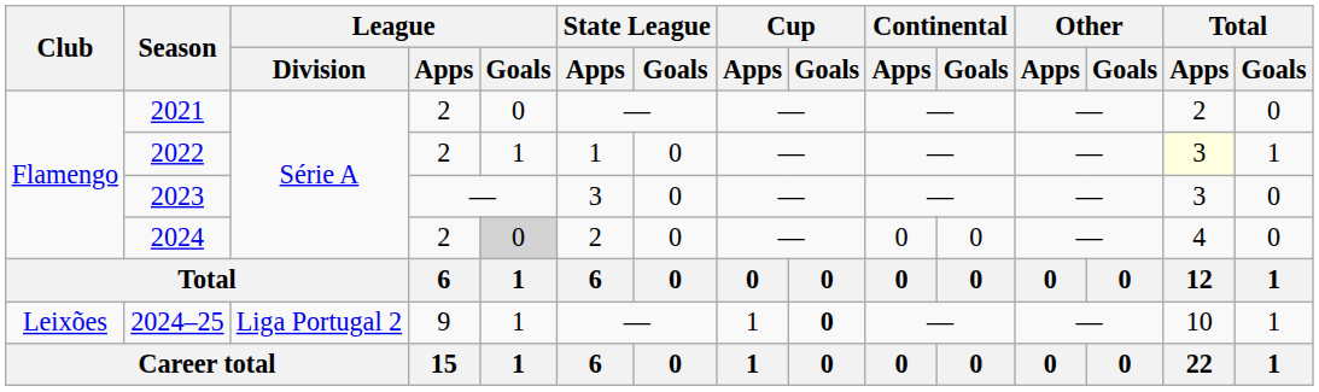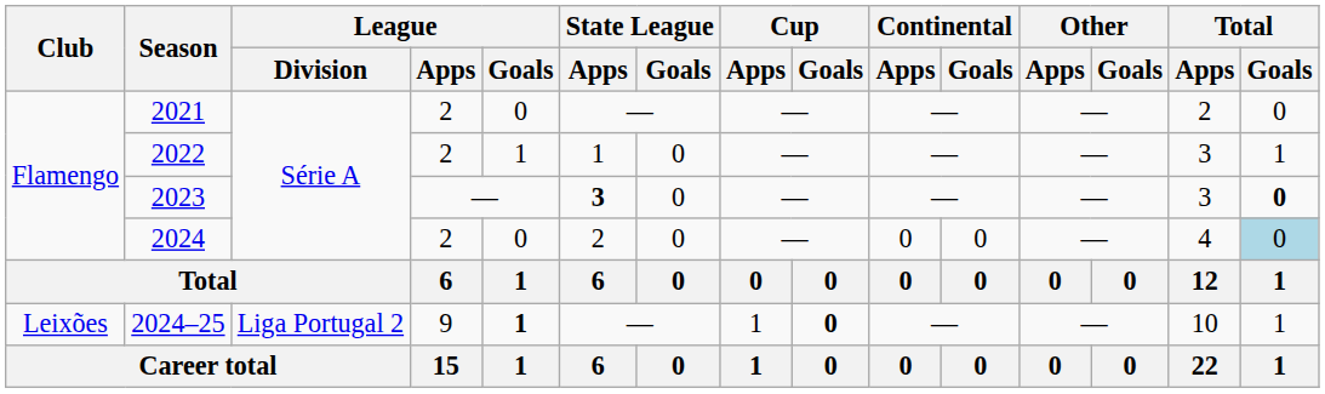 <table class="wikitable" style="text-align: center">
 <tr>
 <th rowspan="2">Club</th>
 <th rowspan="2">Season</th>
 <th colspan="3">League</th>
 <th colspan="2">State League</th>
 <th colspan="2">Cup</th>
 <th colspan="2">Continental</th>
 <th colspan="2">Other</th>
 <th colspan="2">Total</th>
 </tr>
 <tr>
 <th>Division</th>
 <th>Apps</th>
 <th>Goals</th>
 <th>Apps</th>
 <th>Goals</th>
 <th>Apps</th>
 <th>Goals</th>
 <th>Apps</th>
 <th>Goals</th>
 <th>Apps</th>
 <th>Goals</th>
 <th>Apps</th>
 <th>Goals</th>
 </tr>
 <tr>
 <td rowspan="4"><a href='#'>Flamengo</a></td>
 <td><a href='#'>2021</a></td>
 <td rowspan="4"><a href='#'>Série A</a></td>
 <td>2</td>
 <td>0</td>
 <td colspan="2">—</td>
 <td colspan="2">—</td>
 <td colspan="2">—</td>
 <td colspan="2">—</td>
 <td>2</td>
 <td>0</td>
 </tr>
 <tr>
 <td><a href='#'>2022</a></td>
 <td>2</td>
 <td>1</td>
 <td>1</td>
 <td>0</td>
 <td colspan="2">—</td>
 <td colspan="2">—</td>
 <td colspan="2">—</td>
-<td style="background: lightyellow;">3</td>
+<td>3</td>
 <td>1</td>
 </tr>
 <tr>
 <td><a href='#'>2023</a></td>
 <td colspan="2">—</td>
-<td>3</td>
+<td><strong>3</strong></td>
 <td>0</td>
 <td colspan="2">—</td>
 <td colspan="2">—</td>
 <td colspan="2">—</td>
 <td>3</td>
-<td>0</td>
+<td><strong>0</strong></td>
 </tr>
 <tr>
 <td><a href='#'>2024</a></td>
 <td>2</td>
-<td style="background: lightgrey;">0</td>
+<td>0</td>
 <td>2</td>
 <td>0</td>
 <td colspan="2">—</td>
 <td>0</td>
 <td>0</td>
 <td colspan="2">—</td>
 <td>4</td>
-<td>0</td>
+<td style="background: lightblue;">0</td>
 </tr>
 <tr>
 <th colspan="3">Total</th>
 <th>6</th>
 <th>1</th>
 <th>6</th>
 <th>0</th>
 <th>0</th>
 <th>0</th>
 <th>0</th>
 <th>0</th>
 <th>0</th>
 <th>0</th>
 <th>12</th>
 <th>1</th>
 </tr>
 <tr>
 <td><a href='#'>Leixões</a></td>
 <td><a href='#'>2024–25</a></td>
 <td><a href='#'>Liga Portugal 2</a></td>
 <td>9</td>
-<td>1</td>
+<td><strong>1</strong></td>
 <td colspan="2">—</td>
 <td>1</td>
 <td><strong>0</strong></td>
 <td colspan="2">—</td>
 <td colspan="2">—</td>
 <td>10</td>
 <td>1</td>
 </tr>
 <tr>
 <th colspan="3"><strong>Career total</strong></th>
 <th>15</th>
 <th>1</th>
 <th>6</th>
 <th>0</th>
 <th>1</th>
 <th>0</th>
 <th>0</th>
 <th>0</th>
 <th>0</th>
 <th>0</th>
 <th>22</th>
 <th>1</th>
 </tr>
 </table>
